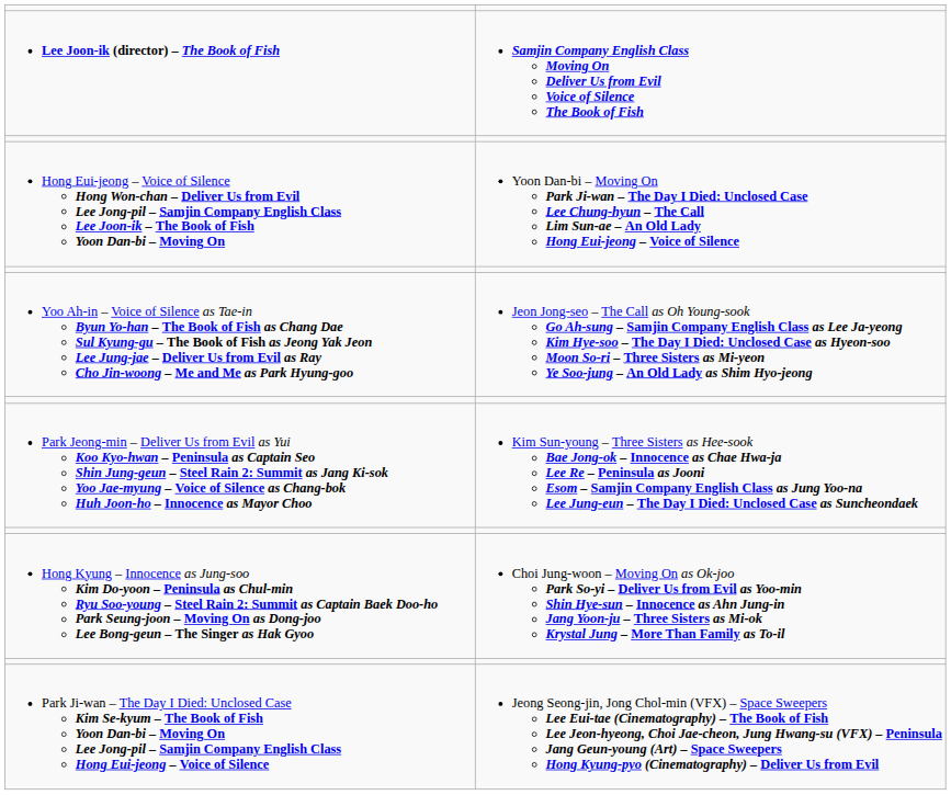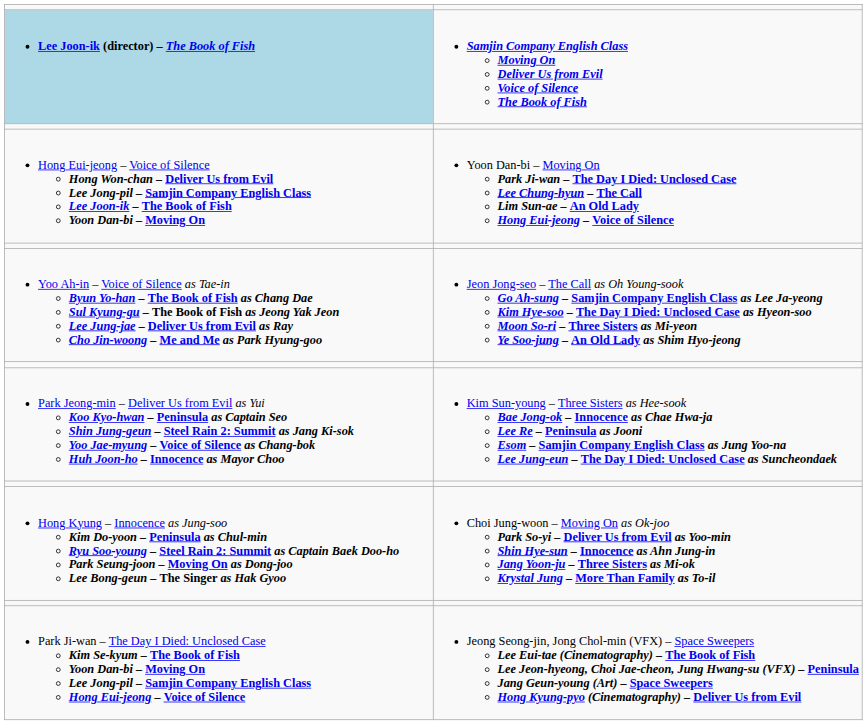 <table class="wikitable">
 <tr>
 <td style="vertical-align:top; width:50%;"></td>
 <td style="vertical-align:top; width:50%;"></td>
 </tr>
 <tr>
-<td style="vertical-align:top"><br><ul><li><strong><a href='#'>Lee Joon-ik</a> (director) – <em><a href='#'>The Book of Fish</a></em> </strong></li></ul></td>
+<td style="background: lightblue; vertical-align:top"><br><ul><li><strong><a href='#'>Lee Joon-ik</a> (director) – <em><a href='#'>The Book of Fish</a></em> </strong></li></ul></td>
 <td style="vertical-align:top"><br><ul><li><strong><em><a href='#'>Samjin Company English Class</a><em> <strong><ul><li></em><a href='#'>Moving On</a><em></li><li></em><a href='#'>Deliver Us from Evil</a><em></li><li></em><a href='#'>Voice of Silence</a><em></li><li></em><a href='#'>The Book of Fish</a><em></li></ul></li></ul></td>
 </tr>
 <tr>
 <td style="vertical-align:top; width:50%;"></td>
 <td style="vertical-align:top; width:50%;"></td>
 </tr>
 <tr>
 <td style="vertical-align:top"><br><ul><li></strong><a href='#'>Hong Eui-jeong</a> – </em><a href='#'>Voice of Silence</a><em> <strong><ul><li>Hong Won-chan – </em><a href='#'>Deliver Us from Evil</a><em></li><li>Lee Jong-pil – </em><a href='#'>Samjin Company English Class</a><em></li><li><a href='#'>Lee Joon-ik</a> – </em><a href='#'>The Book of Fish</a><em></li><li>Yoon Dan-bi – </em><a href='#'>Moving On</a><em></li></ul></li></ul></td>
 <td style="vertical-align:top"><br><ul><li></strong>Yoon Dan-bi – </em><a href='#'>Moving On</a><em> <strong><ul><li>Park Ji-wan – </em><a href='#'>The Day I Died: Unclosed Case</a><em></li><li><a href='#'>Lee Chung-hyun</a> – </em><a href='#'>The Call</a><em></li><li>Lim Sun-ae – </em><a href='#'>An Old Lady</a><em></li><li><a href='#'>Hong Eui-jeong</a> – </em><a href='#'>Voice of Silence</a><em></li></ul></li></ul></td>
 </tr>
 <tr>
 <td style="vertical-align:top; width:50%;"></td>
 <td style="vertical-align:top; width:50%;"></td>
 </tr>
 <tr>
 <td style="vertical-align:top"><br><ul><li></strong><a href='#'>Yoo Ah-in</a> – </em><a href='#'>Voice of Silence</a><em> as Tae-in <strong><ul><li><a href='#'>Byun Yo-han</a> – </em><a href='#'>The Book of Fish</a><em> as Chang Dae</li><li><a href='#'>Sul Kyung-gu</a> – </em>The Book of Fish<em> as Jeong Yak Jeon</li><li><a href='#'>Lee Jung-jae</a> – </em><a href='#'>Deliver Us from Evil</a><em> as Ray</li><li><a href='#'>Cho Jin-woong</a> – </em><a href='#'>Me and Me</a><em> as Park Hyung-goo</li></ul></li></ul></td>
 <td style="vertical-align:top"><br><ul><li></strong><a href='#'>Jeon Jong-seo</a> – </em><a href='#'>The Call</a><em> as Oh Young-sook <strong><ul><li><a href='#'>Go Ah-sung</a> – </em><a href='#'>Samjin Company English Class</a><em> as Lee Ja-yeong</li><li><a href='#'>Kim Hye-soo</a> – </em><a href='#'>The Day I Died: Unclosed Case</a><em> as Hyeon-soo</li><li><a href='#'>Moon So-ri</a> – </em><a href='#'>Three Sisters</a><em> as Mi-yeon</li><li><a href='#'>Ye Soo-jung</a> – </em><a href='#'>An Old Lady</a><em> as Shim Hyo‑jeong</li></ul></li></ul></td>
 </tr>
 <tr>
 <td style="vertical-align:top; width:50%;"></td>
 <td style="vertical-align:top; width:50%;"></td>
 </tr>
 <tr>
 <td style="vertical-align:top"><br><ul><li></strong><a href='#'>Park Jeong-min</a> – </em><a href='#'>Deliver Us from Evil</a><em> as Yui <strong><ul><li><a href='#'>Koo Kyo-hwan</a> – </em><a href='#'>Peninsula</a><em> as Captain Seo</li><li><a href='#'>Shin Jung-geun</a> – </em><a href='#'>Steel Rain 2: Summit</a><em> as Jang Ki-sok</li><li><a href='#'>Yoo Jae-myung</a> – </em><a href='#'>Voice of Silence</a><em> as Chang-bok</li><li><a href='#'>Huh Joon-ho</a> – </em><a href='#'>Innocence</a><em> as Mayor Choo</li></ul></li></ul></td>
 <td style="vertical-align:top"><br><ul><li></strong><a href='#'>Kim Sun-young</a> – </em><a href='#'>Three Sisters</a><em>  as Hee-sook <strong><ul><li><a href='#'>Bae Jong-ok</a> – </em><a href='#'>Innocence</a><em> as Chae Hwa-ja</li><li><a href='#'>Lee Re</a> – </em><a href='#'>Peninsula</a><em> as Jooni</li><li><a href='#'>Esom</a> – </em><a href='#'>Samjin Company English Class</a><em> as Jung Yoo-na</li><li><a href='#'>Lee Jung-eun</a> – </em><a href='#'>The Day I Died: Unclosed Case</a><em> as Suncheondaek</li></ul></li></ul></td>
 </tr>
 <tr>
 <td style="vertical-align:top; width:50%;"></td>
 <td style="vertical-align:top; width:50%;"></td>
 </tr>
 <tr>
 <td style="vertical-align:top"><br><ul><li></strong><a href='#'>Hong Kyung</a> – </em><a href='#'>Innocence</a><em> as Jung-soo <strong><ul><li>Kim Do-yoon – </em><a href='#'>Peninsula</a><em> as Chul-min</li><li><a href='#'>Ryu Soo-young</a> – </em><a href='#'>Steel Rain 2: Summit</a><em> as Captain Baek Doo-ho</li><li>Park Seung-joon – </em><a href='#'>Moving On</a><em> as Dong-joo</li><li>Lee Bong‑geun – </em>The Singer<em> as Hak Gyoo</li></ul></li></ul></td>
 <td style="vertical-align:top"><br><ul><li></strong>Choi Jung-woon – </em><a href='#'>Moving On</a><em> as Ok-joo <strong><ul><li>Park So-yi – </em><a href='#'>Deliver Us from Evil</a><em> as Yoo-min</li><li><a href='#'>Shin Hye-sun</a> – </em><a href='#'>Innocence</a><em> as Ahn Jung-in</li><li><a href='#'>Jang Yoon-ju</a> – </em><a href='#'>Three Sisters</a><em> as Mi-ok</li><li><a href='#'>Krystal Jung</a> – </em><a href='#'>More Than Family</a><em> as To-il</li></ul></li></ul></td>
 </tr>
 <tr>
 <td style="vertical-align:top; width:50%;"></td>
 <td style="vertical-align:top; width:50%;"></td>
 </tr>
 <tr>
 <td style="vertical-align:top"><br><ul><li></strong>Park Ji-wan – </em><a href='#'>The Day I Died: Unclosed Case</a><em> <strong><ul><li>Kim Se-kyum – </em><a href='#'>The Book of Fish</a><em></li><li>Yoon Dan-bi – </em><a href='#'>Moving On</a><em></li><li>Lee Jong-pil – </em><a href='#'>Samjin Company English Class</a><em></li><li><a href='#'>Hong Eui-jeong</a> – </em><a href='#'>Voice of Silence</a><em></li></ul></li></ul></td>
 <td style="vertical-align:top"><br><ul><li></strong>Jeong Seong-jin, Jong Chol-min (VFX) – </em><a href='#'>Space Sweepers</a><em> <strong><ul><li>Lee Eui-tae (Cinematography) – </em><a href='#'>The Book of Fish</a><em></li><li>Lee Jeon-hyeong, Choi Jae-cheon, Jung Hwang-su (VFX) – </em><a href='#'>Peninsula</a><em></li><li>Jang Geun-young (Art) – </em><a href='#'>Space Sweepers</a><em></li><li><a href='#'>Hong Kyung-pyo</a> (Cinematography) – </em><a href='#'>Deliver Us from Evil</a><em></li></ul></li></ul></td>
 </tr>
 </table>
